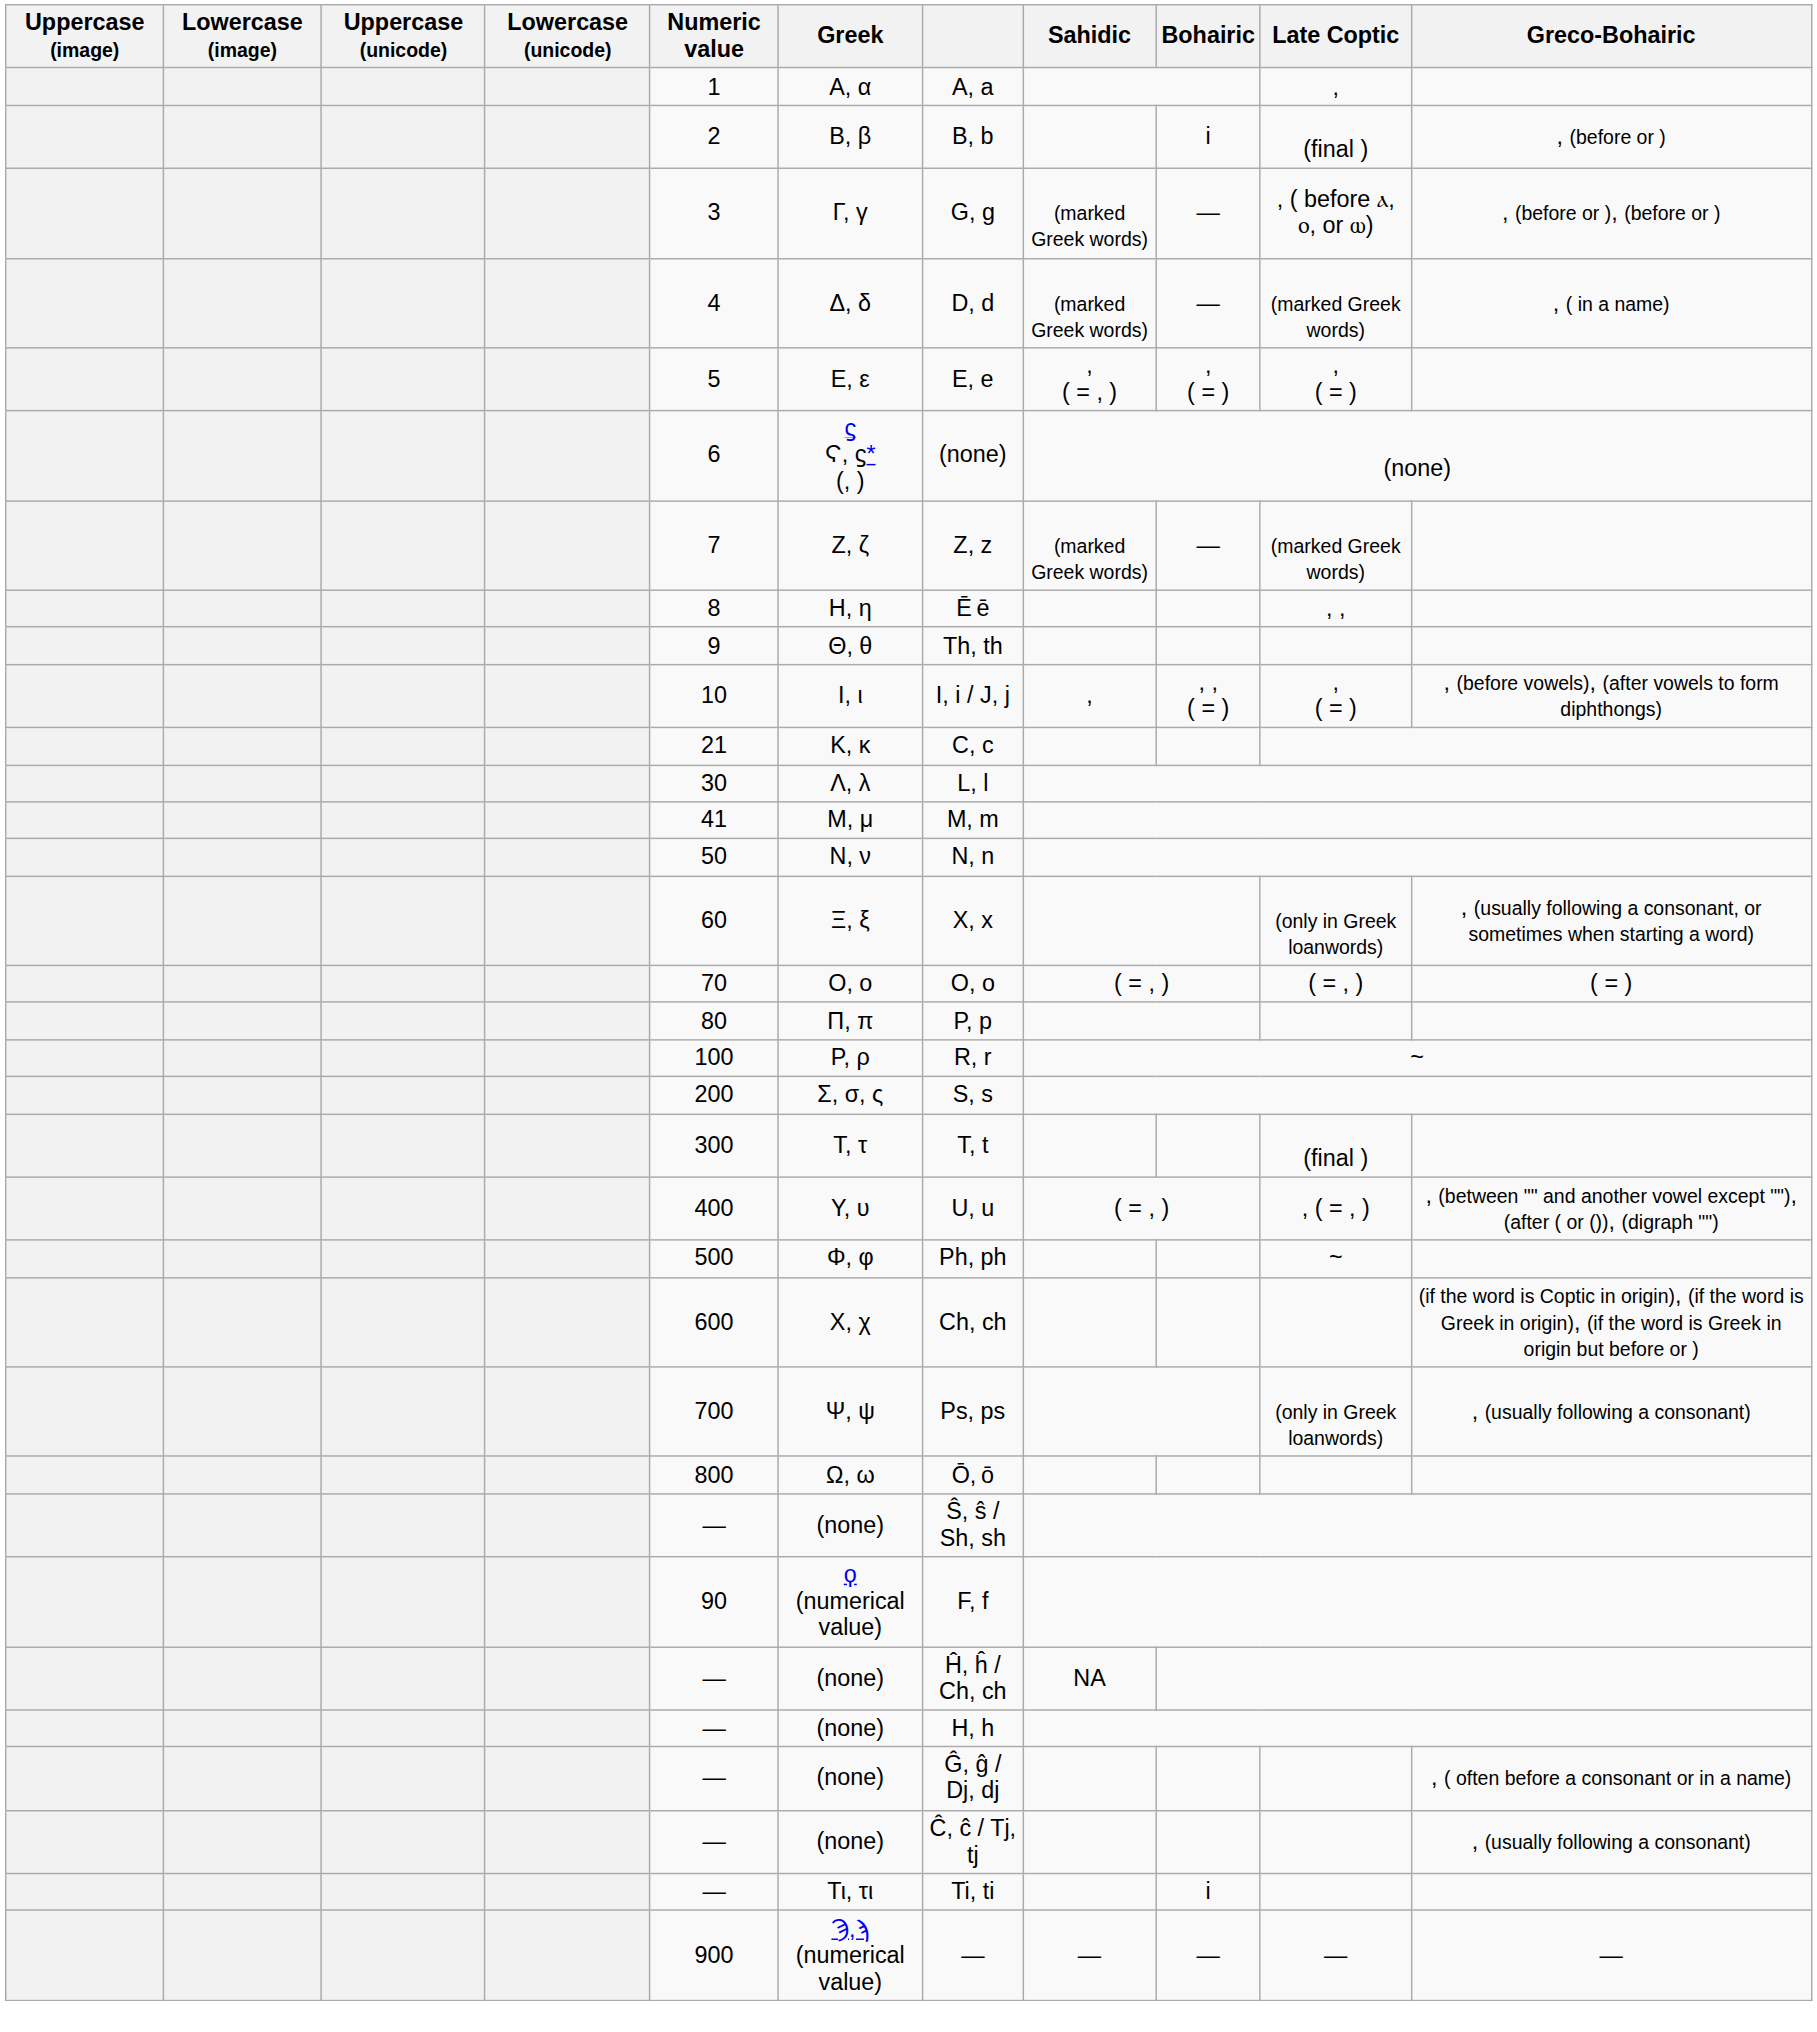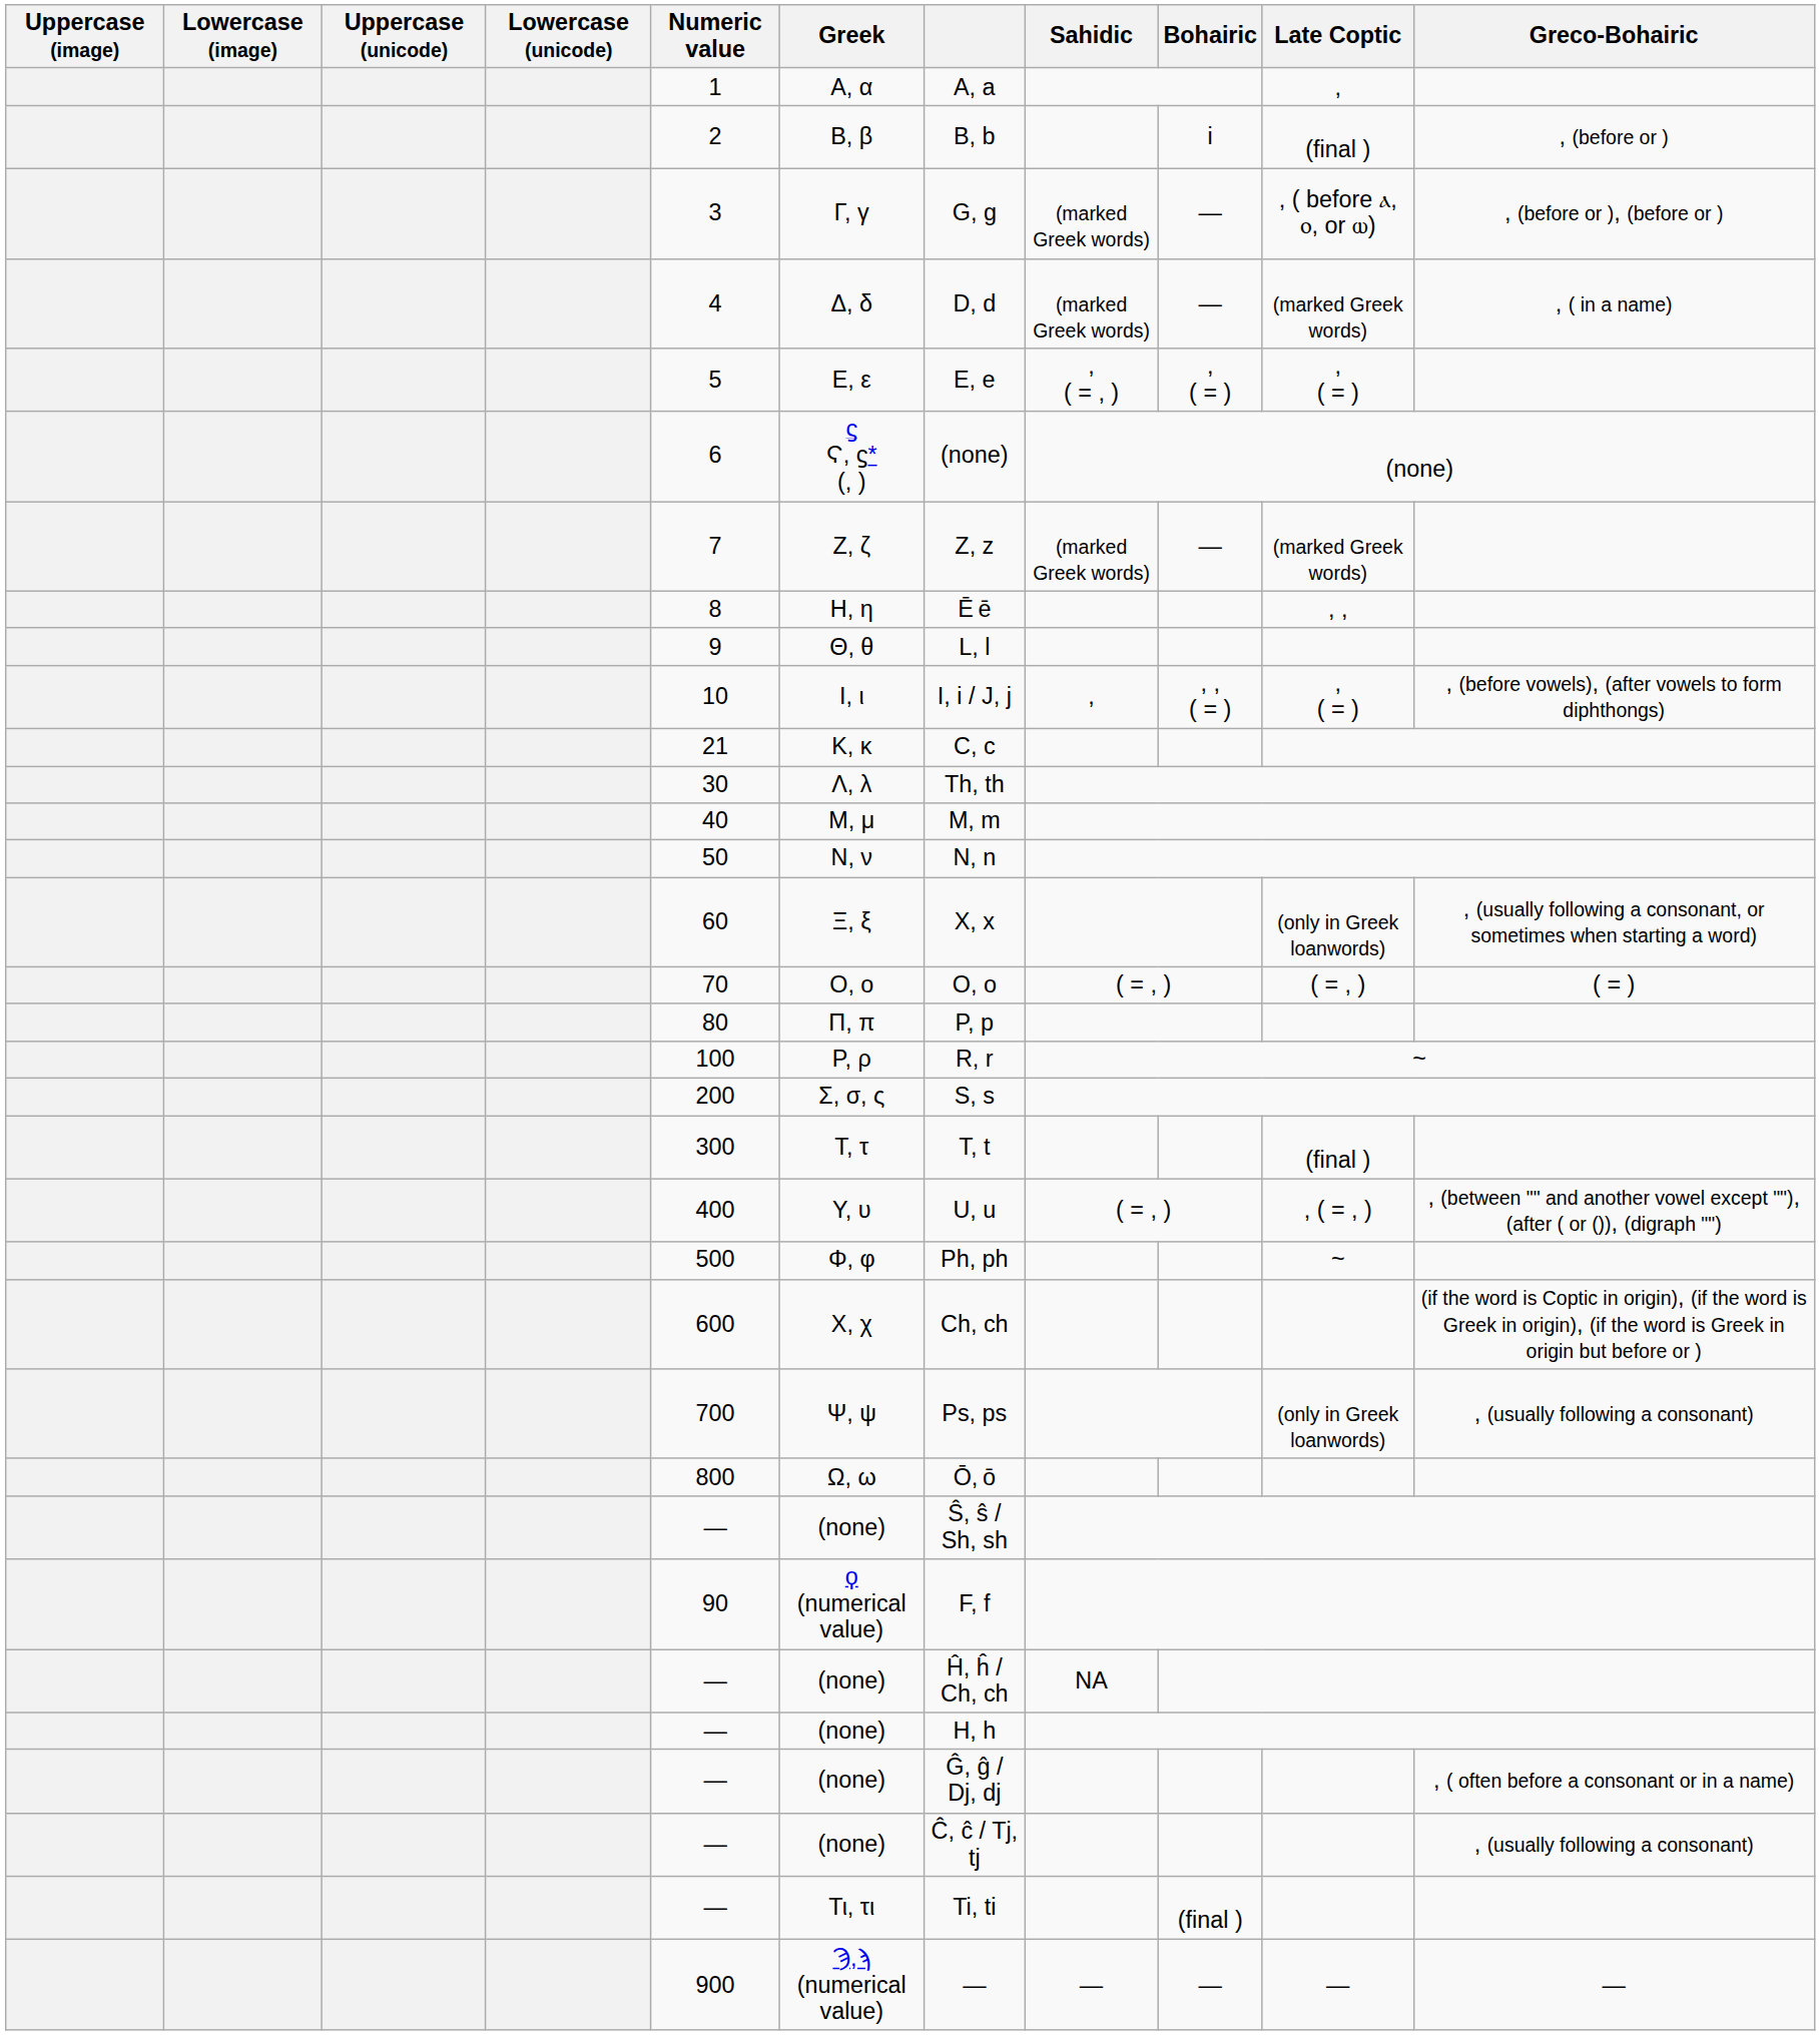 <table class="wikitable" style="text-align: center; margin: 10pt;">
 <tr>
 <th>Uppercase <small>(image)</small></th>
 <th>Lowercase <small>(image)</small></th>
 <th>Uppercase <small>(unicode)</small></th>
 <th>Lowercase <small>(unicode)</small></th>
 <th>Numeric value</th>
 <th>Greek </th>
 <th><small></small></th>
 <th>Sahidic </th>
 <th>Bohairic </th>
 <th>Late Coptic </th>
 <th>Greco-Bohairic </th>
 </tr>
 <tr>
 <th></th>
 <th></th>
 <th></th>
 <th></th>
 <td>1</td>
 <td>Α, α</td>
 <td>A, a</td>
 <td colspan="2"></td>
 <td>, </td>
 <td></td>
 </tr>
 <tr>
 <th></th>
 <th></th>
 <th></th>
 <th><br></th>
 <td>2</td>
 <td>Β, β</td>
 <td>B, b</td>
 <td></td>
 <td>i</td>
 <td><br>(final )</td>
 <td>,  <small>(before  or )</small></td>
 </tr>
 <tr>
 <th></th>
 <th></th>
 <th></th>
 <th></th>
 <td>3</td>
 <td>Γ, γ</td>
 <td>G, g</td>
 <td><br><small>(marked Greek words)</small></td>
 <td>—</td>
 <td>, (  before ⲁ, ⲟ, or ⲱ)</td>
 <td>,  <small>(before  or )</small>,  <small>(before  or )</small></td>
 </tr>
 <tr>
 <th></th>
 <th></th>
 <th></th>
 <th></th>
 <td>4</td>
 <td>Δ, δ</td>
 <td>D, d</td>
 <td><br><small>(marked Greek words)</small></td>
 <td>—</td>
 <td><br><small>(marked Greek words)</small></td>
 <td>, <small>( in a name)</small></td>
 </tr>
 <tr>
 <th></th>
 <th></th>
 <th></th>
 <th></th>
 <td>5</td>
 <td>Ε, ε</td>
 <td>E, e</td>
 <td>, <br>( = , )</td>
 <td>, <br>( = )</td>
 <td>, <br>( = )</td>
 <td></td>
 </tr>
 <tr>
 <th></th>
 <th></th>
 <th></th>
 <th></th>
 <td>6</td>
 <td><a href='#'>ϛ</a><br>Ϛ, ϛ<a href='#'>*</a><br>(, )</td>
 <td>(none)</td>
 <td colspan="4"><br>(none)</td>
 </tr>
 <tr>
 <th></th>
 <th></th>
 <th></th>
 <th></th>
 <td>7</td>
 <td>Ζ, ζ</td>
 <td>Z, z</td>
 <td><br><small>(marked Greek words)</small></td>
 <td>—</td>
 <td><br><small>(marked Greek words)</small></td>
 <td></td>
 </tr>
 <tr>
 <th></th>
 <th></th>
 <th></th>
 <th></th>
 <td>8</td>
 <td>Η, η</td>
 <td>Ē ē</td>
 <td></td>
 <td></td>
 <td>, , </td>
 <td></td>
 </tr>
 <tr>
 <th></th>
 <th></th>
 <th></th>
 <th></th>
 <td>9</td>
 <td>Θ, θ</td>
-<td>Th, th</td>
+<td>L, l</td>
 <td></td>
 <td></td>
 <td></td>
 <td></td>
 </tr>
 <tr>
 <th></th>
 <th></th>
 <th></th>
 <th></th>
 <td>10</td>
 <td>Ι, ι</td>
 <td>I, i / J, j</td>
 <td>, </td>
 <td>, , <br>( = )</td>
 <td>, <br>( = )</td>
 <td>,  <small>(before vowels)</small>,  <small>(after vowels to form diphthongs)</small></td>
 </tr>
 <tr>
 <th></th>
 <th></th>
 <th></th>
 <th></th>
 <td>21</td>
 <td>Κ, κ</td>
 <td>C, c</td>
 <td></td>
 <td></td>
 <td colspan="2"></td>
 </tr>
 <tr>
 <th></th>
 <th></th>
 <th></th>
 <th></th>
 <td>30</td>
 <td>Λ, λ</td>
-<td>L, l</td>
+<td>Th, th</td>
 <td colspan="4"></td>
 </tr>
 <tr>
 <th></th>
 <th></th>
 <th></th>
 <th></th>
-<td>41</td>
+<td>40</td>
 <td>Μ, μ</td>
 <td>M, m</td>
 <td colspan="4"></td>
 </tr>
 <tr>
 <th></th>
 <th></th>
 <th></th>
 <th></th>
 <td>50</td>
 <td>Ν, ν</td>
 <td>N, n</td>
 <td colspan="4"></td>
 </tr>
 <tr>
 <th></th>
 <th></th>
 <th></th>
 <th></th>
 <td>60</td>
 <td>Ξ, ξ</td>
 <td>X, x</td>
 <td colspan="2"></td>
 <td><br><small>(only in Greek loanwords)</small></td>
 <td>,  <small>(usually following a consonant, or sometimes when starting a word)</small></td>
 </tr>
 <tr>
 <th></th>
 <th></th>
 <th></th>
 <th></th>
 <td>70</td>
 <td>Ο, ο</td>
 <td>O, o</td>
 <td colspan="2"> ( = , )</td>
 <td> ( = , )</td>
 <td> ( = )</td>
 </tr>
 <tr>
 <th></th>
 <th></th>
 <th></th>
 <th></th>
 <td>80</td>
 <td>Π, π</td>
 <td>P, p</td>
 <td colspan="2"></td>
 <td></td>
 <td></td>
 </tr>
 <tr>
 <th></th>
 <th></th>
 <th></th>
 <th></th>
 <td>100</td>
 <td>Ρ, ρ</td>
 <td>R, r</td>
 <td colspan="4">~</td>
 </tr>
 <tr>
 <th></th>
 <th></th>
 <th></th>
 <th></th>
 <td>200</td>
 <td>Σ, σ, ς</td>
 <td>S, s</td>
 <td colspan="4"></td>
 </tr>
 <tr>
 <th></th>
 <th></th>
 <th></th>
 <th></th>
 <td>300</td>
 <td>Τ, τ</td>
 <td>T, t</td>
 <td></td>
 <td></td>
 <td><br>(final )</td>
 <td></td>
 </tr>
 <tr>
 <th></th>
 <th></th>
 <th></th>
 <th></th>
 <td>400</td>
 <td>Υ, υ</td>
 <td>U, u</td>
 <td colspan="2"> ( = , )</td>
 <td>,  ( = , )</td>
 <td>,  <small>(between "" and another vowel except "")</small>,  <small>(after  ( or  ())</small>,  <small>(digraph "")</small></td>
 </tr>
 <tr>
 <th></th>
 <th></th>
 <th></th>
 <th></th>
 <td>500</td>
 <td>Φ, φ</td>
 <td>Ph, ph</td>
 <td></td>
 <td></td>
 <td>~</td>
 <td></td>
 </tr>
 <tr>
 <th></th>
 <th></th>
 <th></th>
 <th></th>
 <td>600</td>
 <td>Χ, χ</td>
 <td>Ch, ch</td>
 <td></td>
 <td></td>
 <td><br></td>
 <td> <small>(if the word is Coptic in origin)</small>,  <small>(if the word is Greek in origin)</small>,  <small>(if the word is Greek in origin but before  or )</small></td>
 </tr>
 <tr>
 <th></th>
 <th></th>
 <th></th>
 <th></th>
 <td>700</td>
 <td>Ψ, ψ</td>
 <td>Ps, ps</td>
 <td colspan="2"></td>
 <td><br><small>(only in Greek loanwords)</small></td>
 <td>,  <small>(usually following a consonant)</small></td>
 </tr>
 <tr>
 <th></th>
 <th></th>
 <th></th>
 <th></th>
 <td>800</td>
 <td>Ω, ω</td>
 <td>Ō, ō</td>
 <td></td>
 <td></td>
 <td></td>
 <td></td>
 </tr>
 <tr>
 <th></th>
 <th></th>
 <th></th>
 <th></th>
 <td>—</td>
 <td>(none)</td>
 <td>Ŝ, ŝ / Sh, sh</td>
 <td colspan="4"></td>
 </tr>
 <tr>
 <th></th>
 <th></th>
 <th></th>
 <th></th>
 <td>90</td>
 <td><a href='#'>ϙ</a><br>(numerical value)</td>
 <td>F, f</td>
 <td colspan="4"></td>
 </tr>
 <tr>
 <th></th>
 <th></th>
 <th></th>
 <th><br></th>
 <td>—</td>
 <td>(none)</td>
 <td>Ĥ, ĥ / Ch, ch</td>
 <td>NA</td>
 <td colspan="3"></td>
 </tr>
 <tr>
 <th></th>
 <th></th>
 <th></th>
 <th></th>
 <td>—</td>
 <td>(none)</td>
 <td>H, h</td>
 <td colspan="4"></td>
 </tr>
 <tr>
 <th></th>
 <th></th>
 <th></th>
 <th><br></th>
 <td>—</td>
 <td>(none)</td>
 <td>Ĝ, ĝ / Dj, dj</td>
 <td></td>
 <td></td>
 <td></td>
 <td>, <small>( often before a consonant or in a name)</small></td>
 </tr>
 <tr>
 <th></th>
 <th></th>
 <th></th>
 <th><br></th>
 <td>—</td>
 <td>(none)</td>
 <td>Ĉ, ĉ / Tj, tj</td>
 <td></td>
 <td></td>
 <td></td>
 <td>,  <small>(usually following a consonant)</small></td>
 </tr>
 <tr>
 <th></th>
 <th></th>
 <th></th>
 <th><br></th>
 <td>—</td>
 <td>Τι, τι</td>
 <td>Ti, ti</td>
 <td></td>
-<td>i</td>
+<td><br>(final )</td>
 <td></td>
 <td></td>
 </tr>
 <tr>
 <th></th>
 <th></th>
 <th></th>
 <th></th>
 <td>900</td>
 <td><a href='#'>Ϡ,ϡ</a><br>(numerical value)</td>
 <td>—</td>
 <td>—</td>
 <td>—</td>
 <td>—</td>
 <td>—</td>
 </tr>
 </table>
